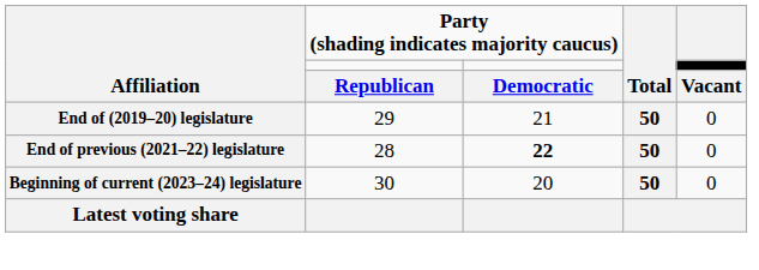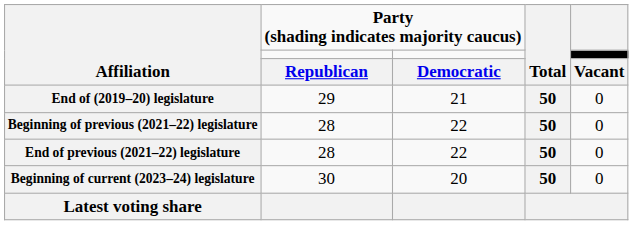 <table class=wikitable style="text-align:center">
 <tr style="vertical-align:bottom;">
 <th rowspan=3>Affiliation</th>
 <td colspan="2"><strong>Party</strong> <div><strong>(shading indicates majority caucus)</strong></div></td>
 <th rowspan=3>Total</th>
 <th></th>
 </tr>
 <tr style="height:5px">
 <td style="background-color:"></td>
 <td style="background-color:"></td>
 <td style="background: black"></td>
 </tr>
 <tr>
 <th><a href='#'>Republican</a></th>
 <th><a href='#'>Democratic</a></th>
 <th>Vacant</th>
 </tr>
 <tr>
 <th nowrap="" style="font-size:80%">End of (2019–20) legislature</th>
 <td>29</td>
 <td rowspan=1>21</td>
 <th>50</th>
 <td>0</td>
 </tr>
 <tr>
+<th nowrap="" style="font-size:80%">Beginning of previous (2021–22) legislature</th>
+<td>28</td>
+<td rowspan=1>22</td>
+<th>50</th>
+<td>0</td>
+</tr>
+<tr>
 <th nowrap style="font-size:80%">End of previous (2021–22) legislature</th>
 <td>28</td>
-<td rowspan=1><strong>22</strong></td>
+<td rowspan=1>22</td>
 <th>50</th>
 <td>0</td>
 </tr>
 <tr>
 <th nowrap style="font-size:80%">Beginning of current (2023–24) legislature</th>
 <td>30</td>
 <td rowspan=1>20</td>
 <th>50</th>
 <td>0</td>
 </tr>
 <tr>
 <th>Latest voting share</th>
 <th></th>
 <th></th>
 <th colspan=2></th>
 </tr>
 </table>
